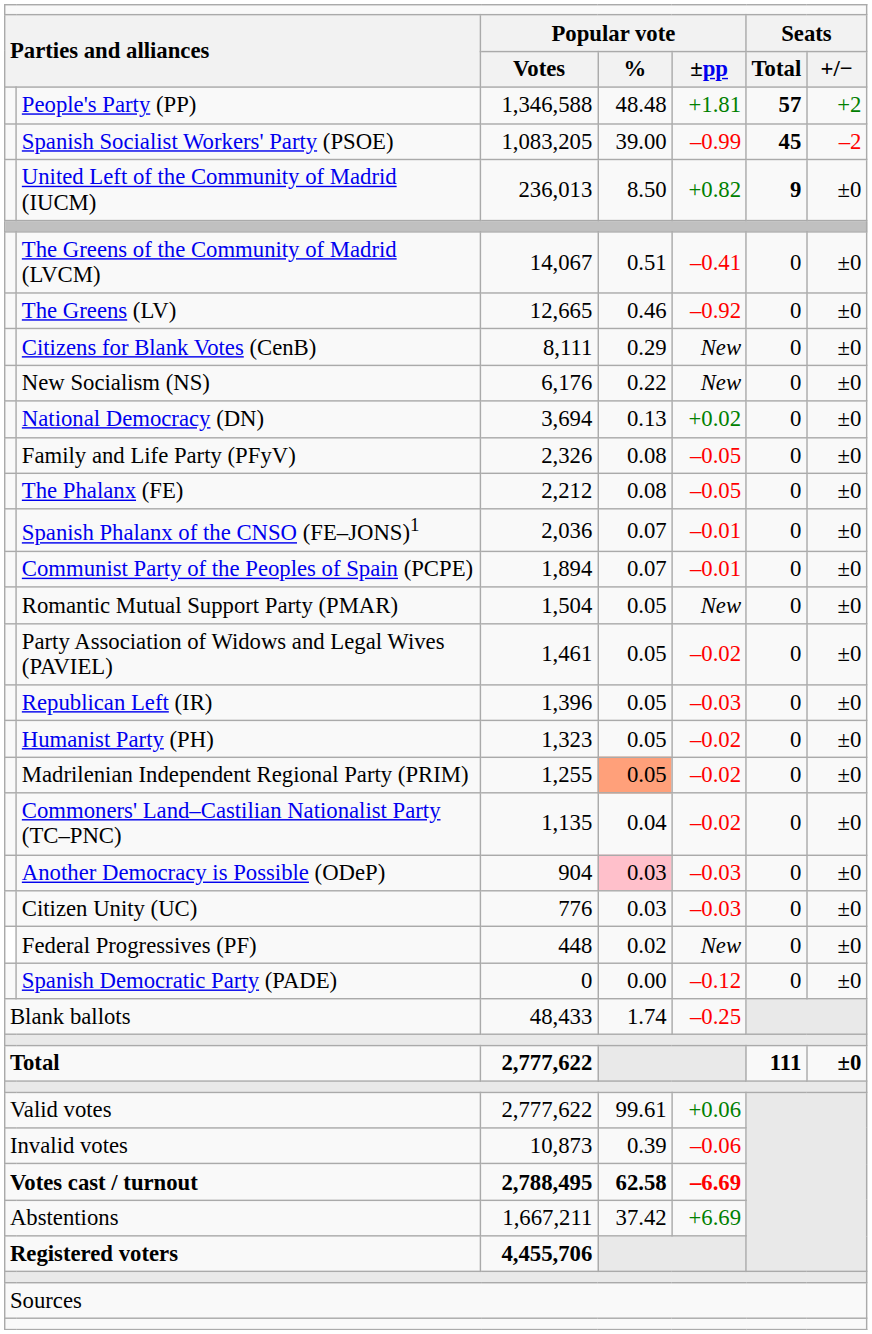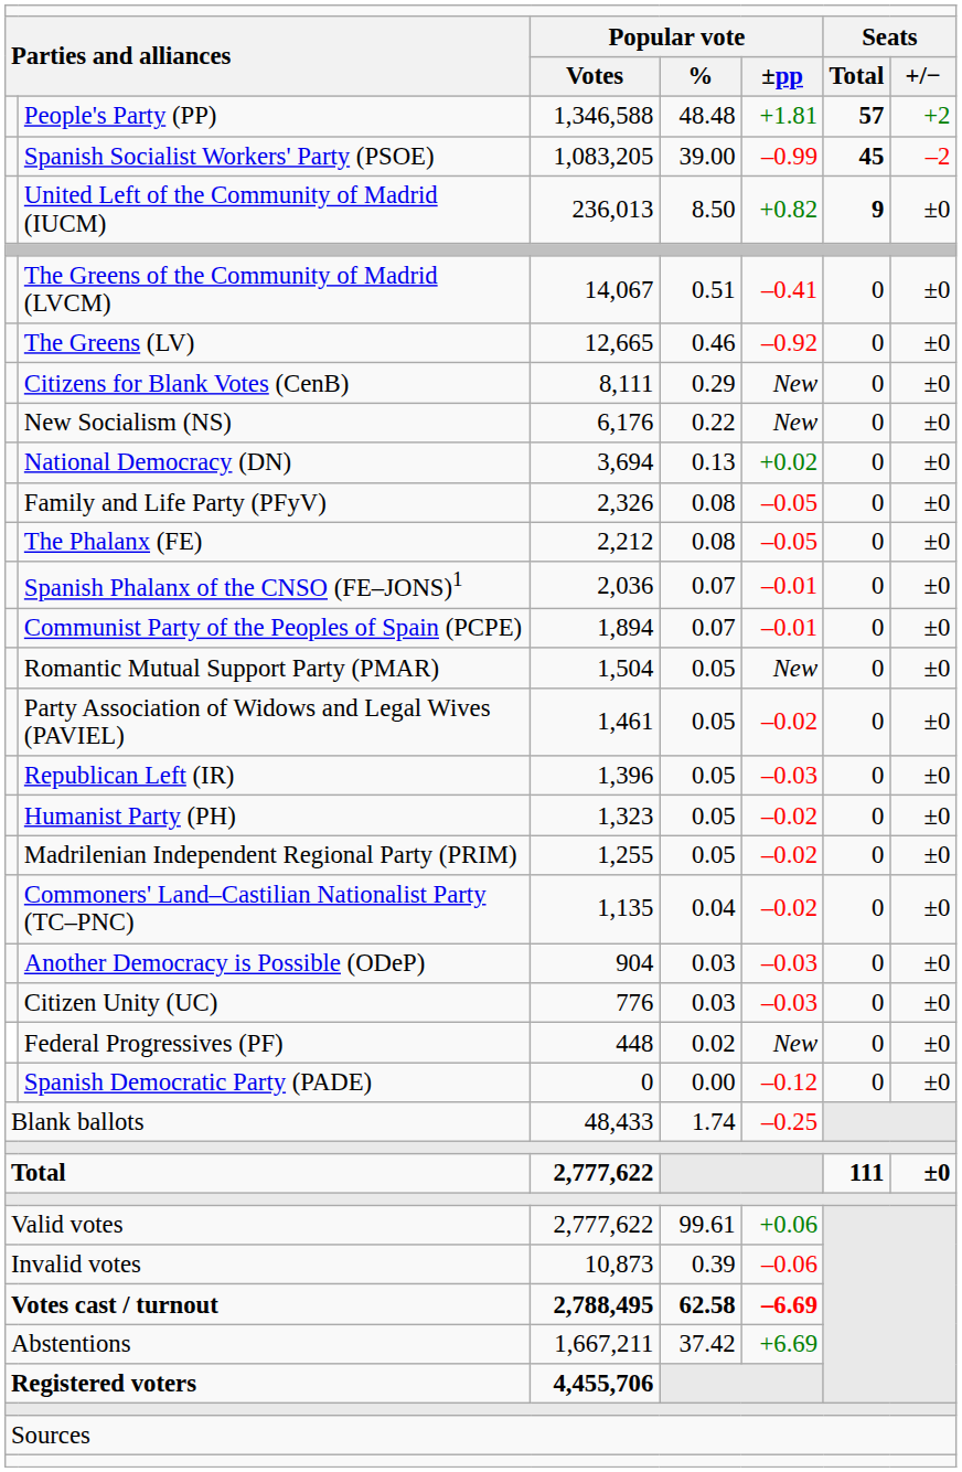 <table class="wikitable" style="text-align:right;">
 <tr>
 <td colspan="7"></td>
 </tr>
 <tr>
 <th style="text-align:left;" rowspan="2" colspan="2" width="525">Parties and alliances</th>
 <th colspan="3">Popular vote</th>
 <th colspan="2">Seats</th>
 </tr>
 <tr>
 <th width="75">Votes</th>
 <th width="45">%</th>
 <th width="45">±<a href='#'>pp</a></th>
 <th width="35">Total</th>
 <th width="35">+/−</th>
 </tr>
 <tr>
 <td width="1" style="color:inherit;background:"></td>
 <td align="left"><a href='#'>People's Party</a> (PP)</td>
 <td>1,346,588</td>
 <td>48.48</td>
 <td style="color:green;">+1.81</td>
 <td><strong>57</strong></td>
 <td style="color:green;">+2</td>
 </tr>
 <tr>
 <td style="color:inherit;background:"></td>
 <td align="left"><a href='#'>Spanish Socialist Workers' Party</a> (PSOE)</td>
 <td>1,083,205</td>
 <td>39.00</td>
 <td style="color:red;">–0.99</td>
 <td><strong>45</strong></td>
 <td style="color:red;">–2</td>
 </tr>
 <tr>
 <td style="color:inherit;background:"></td>
 <td align="left"><a href='#'>United Left of the Community of Madrid</a> (IUCM)</td>
 <td>236,013</td>
 <td>8.50</td>
 <td style="color:green;">+0.82</td>
 <td><strong>9</strong></td>
 <td>±0</td>
 </tr>
 <tr>
 <td colspan="7" bgcolor="#C0C0C0"></td>
 </tr>
 <tr>
 <td style="color:inherit;background:"></td>
 <td align="left"><a href='#'>The Greens of the Community of Madrid</a> (LVCM)</td>
 <td>14,067</td>
 <td>0.51</td>
 <td style="color:red;">–0.41</td>
 <td>0</td>
 <td>±0</td>
 </tr>
 <tr>
 <td style="color:inherit;background:"></td>
 <td align="left"><a href='#'>The Greens</a> (LV)</td>
 <td>12,665</td>
 <td>0.46</td>
 <td style="color:red;">–0.92</td>
 <td>0</td>
 <td>±0</td>
 </tr>
 <tr>
 <td style="color:inherit;background:"></td>
 <td align="left"><a href='#'>Citizens for Blank Votes</a> (CenB)</td>
 <td>8,111</td>
 <td>0.29</td>
 <td><em>New</em></td>
 <td>0</td>
 <td>±0</td>
 </tr>
 <tr>
 <td style="color:inherit;background:"></td>
 <td align="left">New Socialism (NS)</td>
 <td>6,176</td>
 <td>0.22</td>
 <td><em>New</em></td>
 <td>0</td>
 <td>±0</td>
 </tr>
 <tr>
 <td style="color:inherit;background:"></td>
 <td align="left"><a href='#'>National Democracy</a> (DN)</td>
 <td>3,694</td>
 <td>0.13</td>
 <td style="color:green;">+0.02</td>
 <td>0</td>
 <td>±0</td>
 </tr>
 <tr>
 <td style="color:inherit;background:"></td>
 <td align="left">Family and Life Party (PFyV)</td>
 <td>2,326</td>
 <td>0.08</td>
 <td style="color:red;">–0.05</td>
 <td>0</td>
 <td>±0</td>
 </tr>
 <tr>
 <td style="color:inherit;background:"></td>
 <td align="left"><a href='#'>The Phalanx</a> (FE)</td>
 <td>2,212</td>
 <td>0.08</td>
 <td style="color:red;">–0.05</td>
 <td>0</td>
 <td>±0</td>
 </tr>
 <tr>
 <td style="color:inherit;background:"></td>
 <td align="left"><a href='#'>Spanish Phalanx of the CNSO</a> (FE–JONS)<sup>1</sup></td>
 <td>2,036</td>
 <td>0.07</td>
 <td style="color:red;">–0.01</td>
 <td>0</td>
 <td>±0</td>
 </tr>
 <tr>
 <td style="color:inherit;background:"></td>
 <td align="left"><a href='#'>Communist Party of the Peoples of Spain</a> (PCPE)</td>
 <td>1,894</td>
 <td>0.07</td>
 <td style="color:red;">–0.01</td>
 <td>0</td>
 <td>±0</td>
 </tr>
 <tr>
 <td style="color:inherit;background:"></td>
 <td align="left">Romantic Mutual Support Party (PMAR)</td>
 <td>1,504</td>
 <td>0.05</td>
 <td><em>New</em></td>
 <td>0</td>
 <td>±0</td>
 </tr>
 <tr>
 <td style="color:inherit;background:"></td>
 <td align="left">Party Association of Widows and Legal Wives (PAVIEL)</td>
 <td>1,461</td>
 <td>0.05</td>
 <td style="color:red;">–0.02</td>
 <td>0</td>
 <td>±0</td>
 </tr>
 <tr>
 <td style="color:inherit;background:"></td>
 <td align="left"><a href='#'>Republican Left</a> (IR)</td>
 <td>1,396</td>
 <td>0.05</td>
 <td style="color:red;">–0.03</td>
 <td>0</td>
 <td>±0</td>
 </tr>
 <tr>
 <td style="color:inherit;background:"></td>
 <td align="left"><a href='#'>Humanist Party</a> (PH)</td>
 <td>1,323</td>
 <td>0.05</td>
 <td style="color:red;">–0.02</td>
 <td>0</td>
 <td>±0</td>
 </tr>
 <tr>
 <td style="color:inherit;background:"></td>
 <td align="left">Madrilenian Independent Regional Party (PRIM)</td>
 <td>1,255</td>
-<td style="background: lightsalmon;">0.05</td>
+<td>0.05</td>
 <td style="color:red;">–0.02</td>
 <td>0</td>
 <td>±0</td>
 </tr>
 <tr>
 <td style="color:inherit;background:"></td>
 <td align="left"><a href='#'>Commoners' Land–Castilian Nationalist Party</a> (TC–PNC)</td>
 <td>1,135</td>
 <td>0.04</td>
 <td style="color:red;">–0.02</td>
 <td>0</td>
 <td>±0</td>
 </tr>
 <tr>
 <td style="color:inherit;background:"></td>
 <td align="left"><a href='#'>Another Democracy is Possible</a> (ODeP)</td>
 <td>904</td>
-<td style="background: pink;">0.03</td>
+<td>0.03</td>
 <td style="color:red;">–0.03</td>
 <td>0</td>
 <td>±0</td>
 </tr>
 <tr>
 <td style="color:inherit;background:"></td>
 <td align="left">Citizen Unity (UC)</td>
 <td>776</td>
 <td>0.03</td>
 <td style="color:red;">–0.03</td>
 <td>0</td>
 <td>±0</td>
 </tr>
 <tr>
 <td bgcolor="white"></td>
 <td align="left">Federal Progressives (PF)</td>
 <td>448</td>
 <td>0.02</td>
 <td><em>New</em></td>
 <td>0</td>
 <td>±0</td>
 </tr>
 <tr>
 <td style="color:inherit;background:"></td>
 <td align="left"><a href='#'>Spanish Democratic Party</a> (PADE)</td>
 <td>0</td>
 <td>0.00</td>
 <td style="color:red;">–0.12</td>
 <td>0</td>
 <td>±0</td>
 </tr>
 <tr>
 <td align="left" colspan="2">Blank ballots</td>
 <td>48,433</td>
 <td>1.74</td>
 <td style="color:red;">–0.25</td>
 <td bgcolor="#E9E9E9" colspan="2"></td>
 </tr>
 <tr>
 <td colspan="7" bgcolor="#E9E9E9"></td>
 </tr>
 <tr style="font-weight:bold;">
 <td align="left" colspan="2">Total</td>
 <td>2,777,622</td>
 <td bgcolor="#E9E9E9" colspan="2"></td>
 <td>111</td>
 <td>±0</td>
 </tr>
 <tr>
 <td colspan="7" bgcolor="#E9E9E9"></td>
 </tr>
 <tr>
 <td align="left" colspan="2">Valid votes</td>
 <td>2,777,622</td>
 <td>99.61</td>
 <td style="color:green;">+0.06</td>
 <td bgcolor="#E9E9E9" colspan="2" rowspan="5"></td>
 </tr>
 <tr>
 <td align="left" colspan="2">Invalid votes</td>
 <td>10,873</td>
 <td>0.39</td>
 <td style="color:red;">–0.06</td>
 </tr>
 <tr style="font-weight:bold;">
 <td align="left" colspan="2">Votes cast / turnout</td>
 <td>2,788,495</td>
 <td>62.58</td>
 <td style="color:red;">–6.69</td>
 </tr>
 <tr>
 <td align="left" colspan="2">Abstentions</td>
 <td>1,667,211</td>
 <td>37.42</td>
 <td style="color:green;">+6.69</td>
 </tr>
 <tr style="font-weight:bold;">
 <td align="left" colspan="2">Registered voters</td>
 <td>4,455,706</td>
 <td bgcolor="#E9E9E9" colspan="2"></td>
 </tr>
 <tr>
 <td colspan="7" bgcolor="#E9E9E9"></td>
 </tr>
 <tr>
 <td align="left" colspan="7">Sources</td>
 </tr>
 <tr>
 <td colspan="7" style="text-align:left; max-width:790px;"></td>
 </tr>
 </table>
